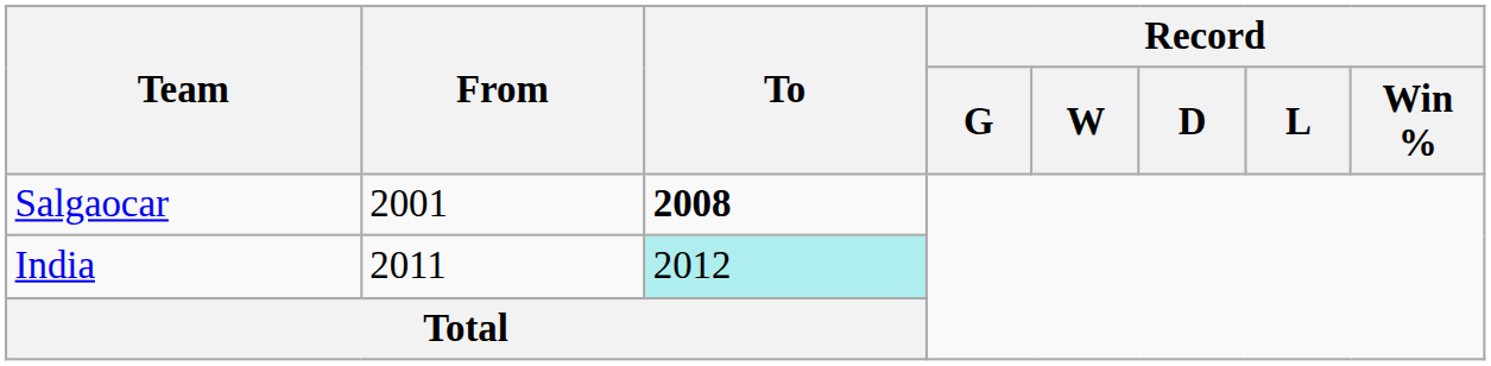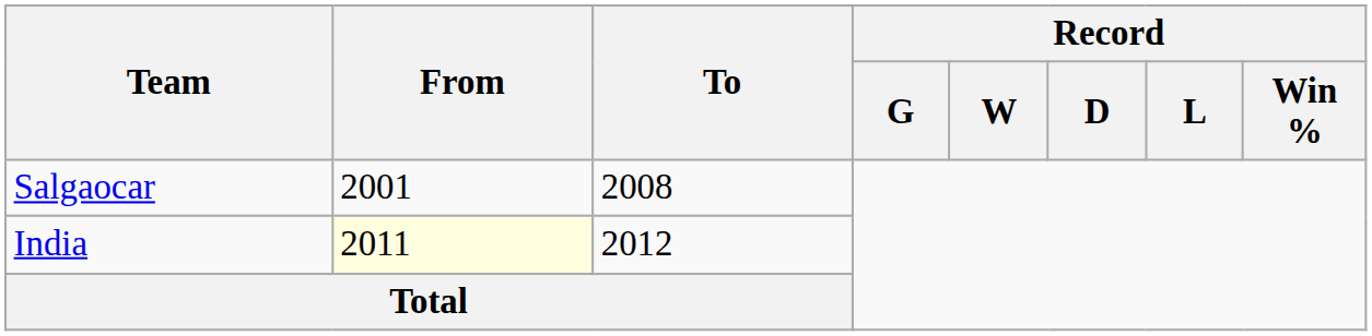 <table class="wikitable" style="text-align: center">
 <tr>
 <th rowspan=2! width=150>Team</th>
 <th rowspan=2! width=120>From</th>
 <th rowspan=2! width=120>To</th>
 <th colspan=7>Record</th>
 </tr>
 <tr>
 <th width=40>G</th>
 <th width=40>W</th>
 <th width=40>D</th>
 <th width=40>L</th>
 <th width=50>Win %</th>
 </tr>
 <tr>
 <td align=left><a href='#'>Salgaocar</a></td>
 <td align=left>2001</td>
-<td align=left><strong>2008<br></strong></td>
+<td align=left>2008<br></td>
 </tr>
 <tr>
 <td align=left><a href='#'>India</a></td>
-<td align=left>2011</td>
-<td align=left style="background: paleturquoise;">2012<br></td>
+<td align=left style="background: lightyellow;">2011</td>
+<td align=left>2012<br></td>
 </tr>
 <tr>
 <th colspan="3">Total<br></th>
 </tr>
 </table>
